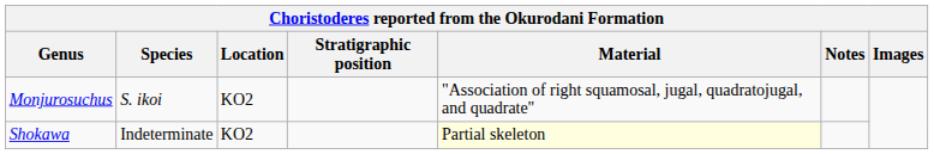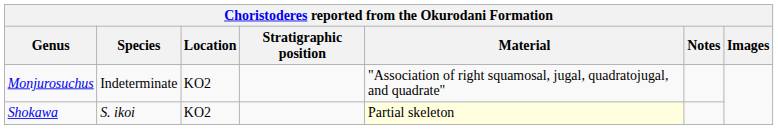 <table class="wikitable" align="center" width="100%">
 <tr>
 <th colspan="7" align="center"><strong><a href='#'>Choristoderes</a> reported from the Okurodani Formation</strong></th>
 </tr>
 <tr>
 <th>Genus</th>
 <th>Species</th>
 <th>Location</th>
 <th>Stratigraphic position</th>
 <th>Material</th>
 <th>Notes</th>
 <th>Images</th>
 </tr>
 <tr>
 <td><em><a href='#'>Monjurosuchus</a></em></td>
-<td><em>S. ikoi</em></td>
+<td>Indeterminate</td>
 <td>KO2</td>
 <td></td>
 <td>"Association of right squamosal, jugal, quadratojugal, and quadrate"</td>
 <td></td>
 <td rowspan="99"><br> </td>
 </tr>
 <tr>
 <td><em><a href='#'>Shokawa</a></em></td>
-<td>Indeterminate</td>
+<td><em>S. ikoi</em></td>
 <td>KO2</td>
 <td></td>
 <td style="background: lightyellow;">Partial skeleton</td>
 <td></td>
 </tr>
 </table>
